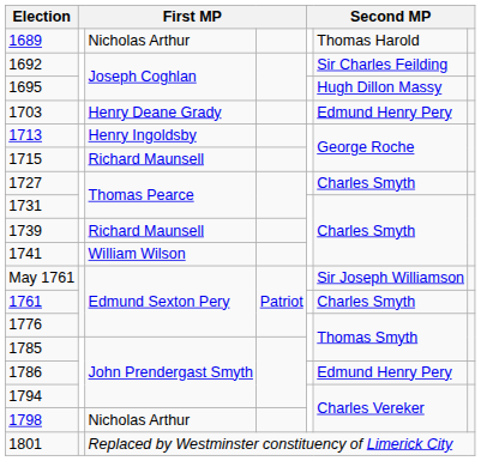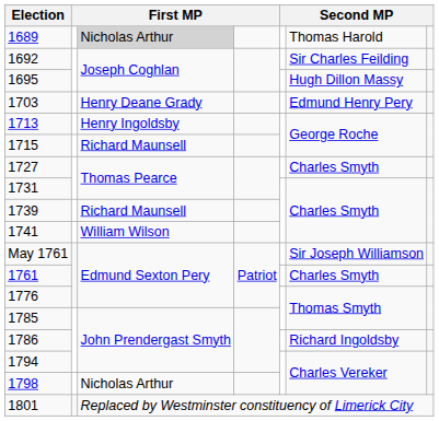 <table class="wikitable">
 <tr>
 <th>Election</th>
 <th colspan=3>First MP</th>
 <th colspan=3>Second MP</th>
 </tr>
 <tr>
 <td><a href='#'>1689</a></td>
 <td style="background-color: white"></td>
-<td>Nicholas Arthur</td>
+<td style="background: lightgrey;">Nicholas Arthur</td>
 <td></td>
 <td style="background-color: white"></td>
 <td>Thomas Harold</td>
 <td></td>
 </tr>
 <tr>
 <td>1692</td>
 <td rowspan="2" style="background-color: white"></td>
 <td rowspan="2"><a href='#'>Joseph Coghlan</a></td>
 <td rowspan="2"></td>
 <td style="background-color: white"></td>
 <td><a href='#'>Sir Charles Feilding</a> </td>
 <td></td>
 </tr>
 <tr>
 <td>1695</td>
 <td style="background-color: white"></td>
 <td><a href='#'>Hugh Dillon Massy</a></td>
 <td></td>
 </tr>
 <tr>
 <td>1703</td>
 <td style="background-color: white"></td>
 <td><a href='#'>Henry Deane Grady</a></td>
 <td></td>
 <td style="background-color: white"></td>
 <td><a href='#'>Edmund Henry Pery</a></td>
 <td></td>
 </tr>
 <tr>
 <td><a href='#'>1713</a></td>
 <td style="background-color: white"></td>
 <td><a href='#'>Henry Ingoldsby</a></td>
 <td></td>
 <td rowspan="2" style="background-color: white"></td>
 <td rowspan="2"><a href='#'>George Roche</a></td>
 <td rowspan="2"></td>
 </tr>
 <tr>
 <td>1715</td>
 <td style="background-color: white"></td>
 <td><a href='#'>Richard Maunsell</a></td>
 <td></td>
 </tr>
 <tr>
 <td>1727</td>
 <td rowspan="2" style="background-color: white"></td>
 <td rowspan="2"><a href='#'>Thomas Pearce</a></td>
 <td rowspan="2"></td>
 <td style="background-color: white"></td>
 <td><a href='#'>Charles Smyth</a></td>
 <td></td>
 </tr>
 <tr>
 <td>1731</td>
 <td rowspan="3" style="background-color: white"></td>
 <td rowspan="3"><a href='#'>Charles Smyth</a></td>
 <td rowspan="3"></td>
 </tr>
 <tr>
 <td>1739</td>
 <td style="background-color: white"></td>
 <td><a href='#'>Richard Maunsell</a></td>
 <td></td>
 </tr>
 <tr>
 <td>1741</td>
 <td style="background-color: white"></td>
 <td><a href='#'>William Wilson</a></td>
 <td></td>
 </tr>
 <tr>
 <td>May 1761</td>
 <td rowspan="3" style="background-color: "></td>
 <td rowspan="3"><a href='#'>Edmund Sexton Pery</a></td>
 <td rowspan="3"><a href='#'>Patriot</a></td>
 <td style="background-color: white"></td>
 <td><a href='#'>Sir Joseph Williamson</a> </td>
 <td></td>
 </tr>
 <tr>
 <td><a href='#'>1761</a></td>
 <td style="background-color: white"></td>
 <td><a href='#'>Charles Smyth</a></td>
 <td></td>
 </tr>
 <tr>
 <td>1776</td>
 <td rowspan="2" style="background-color: white"></td>
 <td rowspan="2"><a href='#'>Thomas Smyth</a></td>
 <td rowspan="2"></td>
 </tr>
 <tr>
 <td>1785</td>
 <td rowspan="3" style="background-color: white"></td>
 <td rowspan="3"><a href='#'>John Prendergast Smyth</a></td>
 <td rowspan="3"></td>
 </tr>
 <tr>
 <td>1786</td>
 <td style="background-color: white"></td>
-<td><a href='#'>Edmund Henry Pery</a></td>
+<td><a href='#'>Richard Ingoldsby</a></td>
 <td></td>
 </tr>
 <tr>
 <td>1794</td>
 <td rowspan="2" style="background-color: white"></td>
 <td rowspan="2"><a href='#'>Charles Vereker</a></td>
 <td rowspan="2"></td>
 </tr>
 <tr>
 <td><a href='#'>1798</a></td>
 <td style="background-color: white"></td>
 <td>Nicholas Arthur</td>
 <td></td>
 </tr>
 <tr>
 <td>1801</td>
 <td></td>
 <td colspan = "5"><em>Replaced by Westminster constituency of <a href='#'>Limerick City</a></em></td>
 </tr>
 </table>
